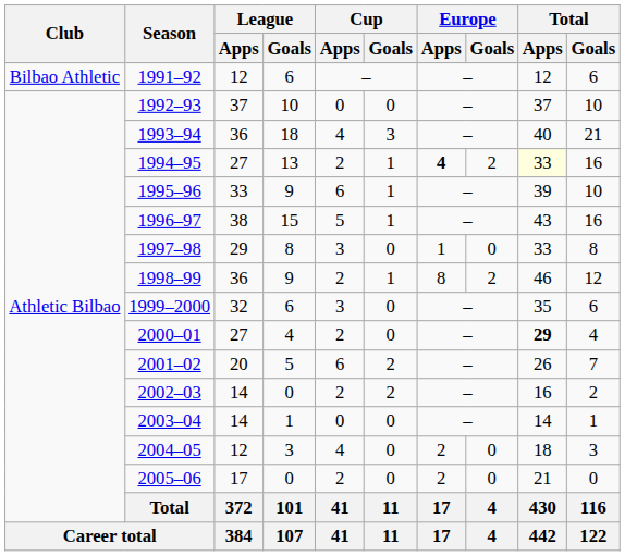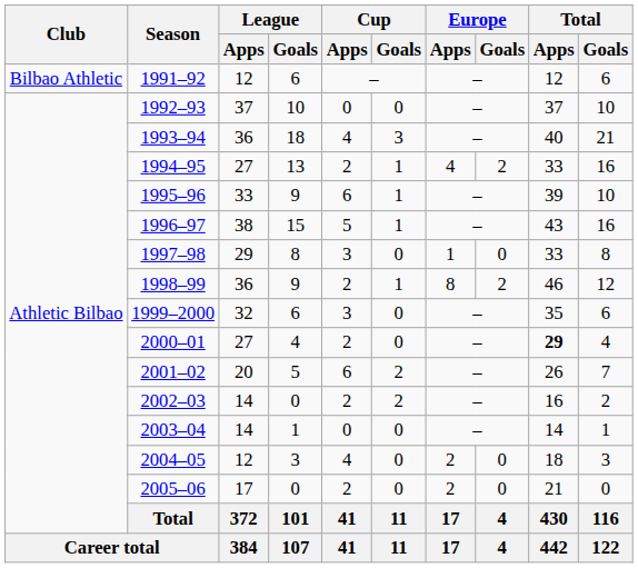 <table class="wikitable" style="text-align:center">
 <tr>
 <th rowspan="2">Club</th>
 <th rowspan="2">Season</th>
 <th colspan="2">League</th>
 <th colspan="2">Cup</th>
 <th colspan="2"><a href='#'>Europe</a></th>
 <th colspan="2">Total</th>
 </tr>
 <tr>
 <th>Apps</th>
 <th>Goals</th>
 <th>Apps</th>
 <th>Goals</th>
 <th>Apps</th>
 <th>Goals</th>
 <th>Apps</th>
 <th>Goals</th>
 </tr>
 <tr>
 <td><a href='#'>Bilbao Athletic</a></td>
 <td><a href='#'>1991–92</a></td>
 <td>12</td>
 <td>6</td>
 <td colspan="2">–</td>
 <td colspan="2">–</td>
 <td>12</td>
 <td>6</td>
 </tr>
 <tr>
 <td rowspan="15"><a href='#'>Athletic Bilbao</a></td>
 <td><a href='#'>1992–93</a></td>
 <td>37</td>
 <td>10</td>
 <td>0</td>
 <td>0</td>
 <td colspan="2">–</td>
 <td>37</td>
 <td>10</td>
 </tr>
 <tr>
 <td><a href='#'>1993–94</a></td>
 <td>36</td>
 <td>18</td>
 <td>4</td>
 <td>3</td>
 <td colspan="2">–</td>
 <td>40</td>
 <td>21</td>
 </tr>
 <tr>
 <td><a href='#'>1994–95</a></td>
 <td>27</td>
 <td>13</td>
 <td>2</td>
 <td>1</td>
-<td><strong>4</strong></td>
+<td>4</td>
 <td>2</td>
-<td style="background: lightyellow;">33</td>
+<td>33</td>
 <td>16</td>
 </tr>
 <tr>
 <td><a href='#'>1995–96</a></td>
 <td>33</td>
 <td>9</td>
 <td>6</td>
 <td>1</td>
 <td colspan="2">–</td>
 <td>39</td>
 <td>10</td>
 </tr>
 <tr>
 <td><a href='#'>1996–97</a></td>
 <td>38</td>
 <td>15</td>
 <td>5</td>
 <td>1</td>
 <td colspan="2">–</td>
 <td>43</td>
 <td>16</td>
 </tr>
 <tr>
 <td><a href='#'>1997–98</a></td>
 <td>29</td>
 <td>8</td>
 <td>3</td>
 <td>0</td>
 <td>1</td>
 <td>0</td>
 <td>33</td>
 <td>8</td>
 </tr>
 <tr>
 <td><a href='#'>1998–99</a></td>
 <td>36</td>
 <td>9</td>
 <td>2</td>
 <td>1</td>
 <td>8</td>
 <td>2</td>
 <td>46</td>
 <td>12</td>
 </tr>
 <tr>
 <td><a href='#'>1999–2000</a></td>
 <td>32</td>
 <td>6</td>
 <td>3</td>
 <td>0</td>
 <td colspan="2">–</td>
 <td>35</td>
 <td>6</td>
 </tr>
 <tr>
 <td><a href='#'>2000–01</a></td>
 <td>27</td>
 <td>4</td>
 <td>2</td>
 <td>0</td>
 <td colspan="2">–</td>
 <td><strong>29</strong></td>
 <td>4</td>
 </tr>
 <tr>
 <td><a href='#'>2001–02</a></td>
 <td>20</td>
 <td>5</td>
 <td>6</td>
 <td>2</td>
 <td colspan="2">–</td>
 <td>26</td>
 <td>7</td>
 </tr>
 <tr>
 <td><a href='#'>2002–03</a></td>
 <td>14</td>
 <td>0</td>
 <td>2</td>
 <td>2</td>
 <td colspan="2">–</td>
 <td>16</td>
 <td>2</td>
 </tr>
 <tr>
 <td><a href='#'>2003–04</a></td>
 <td>14</td>
 <td>1</td>
 <td>0</td>
 <td>0</td>
 <td colspan="2">–</td>
 <td>14</td>
 <td>1</td>
 </tr>
 <tr>
 <td><a href='#'>2004–05</a></td>
 <td>12</td>
 <td>3</td>
 <td>4</td>
 <td>0</td>
 <td>2</td>
 <td>0</td>
 <td>18</td>
 <td>3</td>
 </tr>
 <tr>
 <td><a href='#'>2005–06</a></td>
 <td>17</td>
 <td>0</td>
 <td>2</td>
 <td>0</td>
 <td>2</td>
 <td>0</td>
 <td>21</td>
 <td>0</td>
 </tr>
 <tr>
 <th>Total</th>
 <th>372</th>
 <th>101</th>
 <th>41</th>
 <th>11</th>
 <th>17</th>
 <th>4</th>
 <th>430</th>
 <th>116</th>
 </tr>
 <tr>
 <th colspan="2">Career total</th>
 <th>384</th>
 <th>107</th>
 <th>41</th>
 <th>11</th>
 <th>17</th>
 <th>4</th>
 <th>442</th>
 <th>122</th>
 </tr>
 </table>
